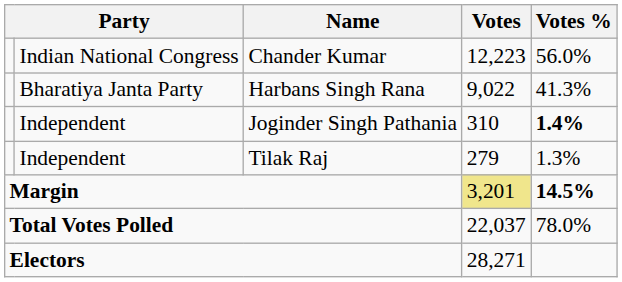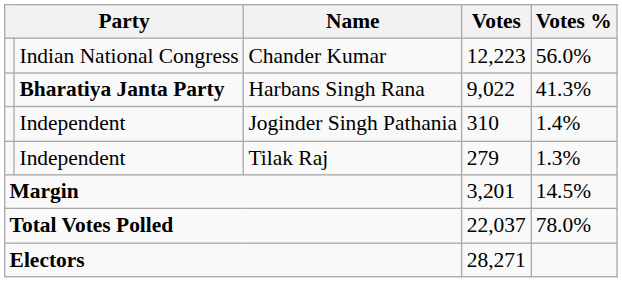 <table class="wikitable sortable">
 <tr>
 <th colspan="2" rowspan="1">Party</th>
 <th colspan="1" rowspan="1">Name</th>
 <th colspan="1" rowspan="1">Votes</th>
 <th colspan="1" rowspan="1">Votes %</th>
 </tr>
 <tr>
 <td></td>
 <td>Indian National Congress</td>
 <td>Chander Kumar</td>
 <td>12,223</td>
 <td>56.0%</td>
 </tr>
 <tr>
 <td></td>
-<td>Bharatiya Janta Party</td>
+<td><strong>Bharatiya Janta Party</strong></td>
 <td>Harbans Singh Rana</td>
 <td>9,022</td>
 <td>41.3%</td>
 </tr>
 <tr>
 <td></td>
 <td>Independent</td>
 <td>Joginder Singh Pathania</td>
 <td>310</td>
-<td><strong>1.4%</strong></td>
+<td>1.4%</td>
 </tr>
 <tr>
 <td></td>
 <td>Independent</td>
 <td>Tilak Raj</td>
 <td>279</td>
 <td>1.3%</td>
 </tr>
 <tr>
 <td colspan="3"><strong>Margin</strong></td>
-<td style="background: khaki;">3,201</td>
-<td><strong>14.5%</strong></td>
+<td>3,201</td>
+<td>14.5%</td>
 </tr>
 <tr>
 <td colspan="3"><strong>Total Votes Polled</strong></td>
 <td>22,037</td>
 <td>78.0%</td>
 </tr>
 <tr>
 <td colspan="3"><strong>Electors</strong></td>
 <td>28,271</td>
 <td></td>
 </tr>
 </table>
